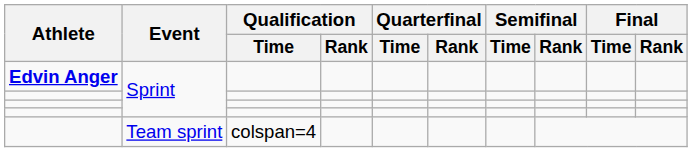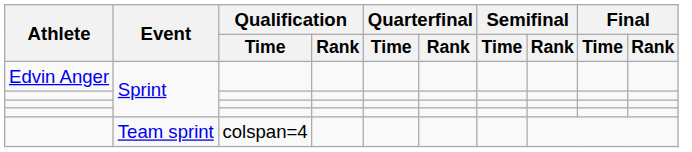 <table class="wikitable" style="font-size:90%">
 <tr>
 <th rowspan="2">Athlete</th>
 <th rowspan="2">Event</th>
 <th colspan="2">Qualification</th>
 <th colspan="2">Quarterfinal</th>
 <th colspan="2">Semifinal</th>
 <th colspan="2">Final</th>
 </tr>
 <tr style="font-size:95%">
 <th>Time</th>
 <th>Rank</th>
 <th>Time</th>
 <th>Rank</th>
 <th>Time</th>
 <th>Rank</th>
 <th>Time</th>
 <th>Rank</th>
 </tr>
 <tr align=center>
-<td align=left><strong><a href='#'>Edvin Anger</a></strong></td>
+<td align=left><a href='#'>Edvin Anger</a></td>
 <td align=left rowspan=4><a href='#'>Sprint</a></td>
 <td></td>
 <td></td>
 <td></td>
 <td></td>
 <td></td>
 <td></td>
 <td></td>
 <td></td>
 </tr>
 <tr align=center>
 <td align=left></td>
 <td></td>
 <td></td>
 <td></td>
 <td></td>
 <td></td>
 <td></td>
 <td></td>
 <td></td>
 </tr>
 <tr align=center>
 <td align=left></td>
 <td></td>
 <td></td>
 <td></td>
 <td></td>
 <td></td>
 <td></td>
 <td></td>
 </tr>
 <tr align=center>
 <td align=left></td>
 <td></td>
 <td></td>
 <td></td>
 <td></td>
 <td></td>
 <td></td>
 <td></td>
 <td></td>
 </tr>
 <tr align=center>
 <td align=left><br></td>
 <td align=left><a href='#'>Team sprint</a></td>
 <td>colspan=4 </td>
 <td></td>
 <td></td>
 <td></td>
 <td></td>
 </tr>
 </table>
